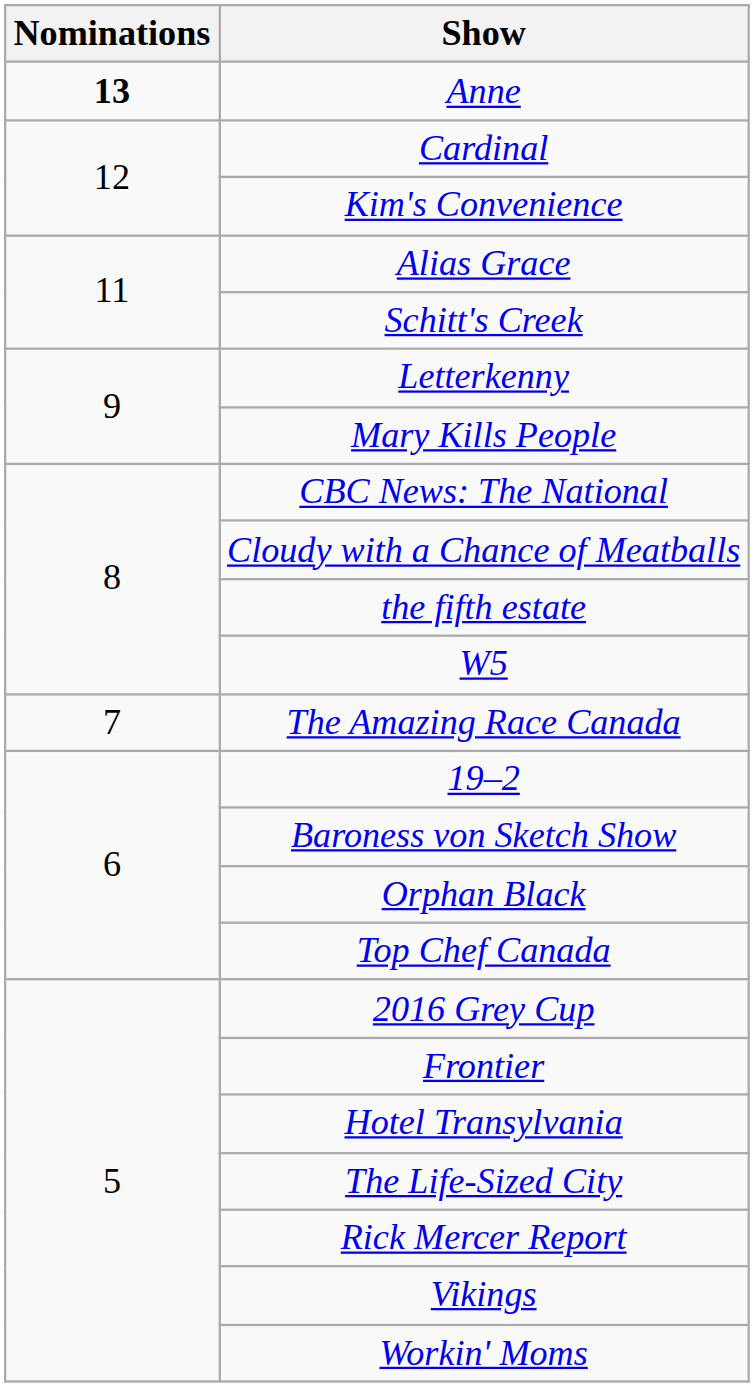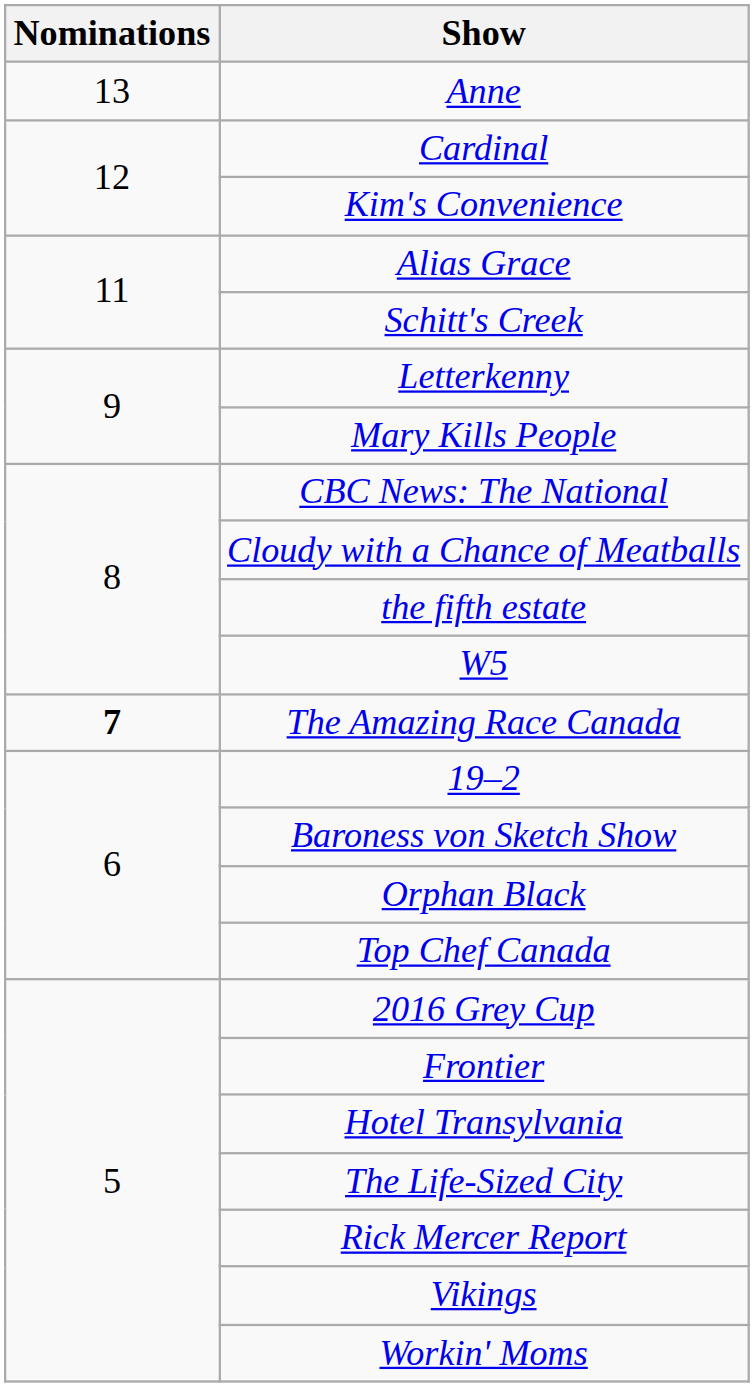 <table class="wikitable" rowspan="2" style="text-align:center">
 <tr>
 <th scope="col">Nominations</th>
 <th scope="col">Show</th>
 </tr>
 <tr>
-<td><strong>13</strong></td>
+<td>13</td>
 <td><em><a href='#'>Anne</a></em></td>
 </tr>
 <tr>
 <td rowspan=2 style="text-align:center;">12</td>
 <td><em><a href='#'>Cardinal</a></em></td>
 </tr>
 <tr>
 <td><em><a href='#'>Kim's Convenience</a></em></td>
 </tr>
 <tr>
 <td rowspan=2 style="text-align:center;">11</td>
 <td><em><a href='#'>Alias Grace</a></em></td>
 </tr>
 <tr>
 <td><em><a href='#'>Schitt's Creek</a></em></td>
 </tr>
 <tr>
 <td rowspan=2 style="text-align:center;">9</td>
 <td><em><a href='#'>Letterkenny</a></em></td>
 </tr>
 <tr>
 <td><em><a href='#'>Mary Kills People</a></em></td>
 </tr>
 <tr>
 <td rowspan=4 style="text-align:center;">8</td>
 <td><em><a href='#'>CBC News: The National</a></em></td>
 </tr>
 <tr>
 <td><em><a href='#'>Cloudy with a Chance of Meatballs</a></em></td>
 </tr>
 <tr>
 <td><em><a href='#'>the fifth estate</a></em></td>
 </tr>
 <tr>
 <td><em><a href='#'>W5</a></em></td>
 </tr>
 <tr>
-<td>7</td>
+<td><strong>7</strong></td>
 <td><em><a href='#'>The Amazing Race Canada</a></em></td>
 </tr>
 <tr>
 <td rowspan=4 style="text-align:center;">6</td>
 <td><em><a href='#'>19–2</a></em></td>
 </tr>
 <tr>
 <td><em><a href='#'>Baroness von Sketch Show</a></em></td>
 </tr>
 <tr>
 <td><em><a href='#'>Orphan Black</a></em></td>
 </tr>
 <tr>
 <td><em><a href='#'>Top Chef Canada</a></em></td>
 </tr>
 <tr>
 <td rowspan=7 style="text-align:center;">5</td>
 <td><em><a href='#'>2016 Grey Cup</a></em></td>
 </tr>
 <tr>
 <td><em><a href='#'>Frontier</a></em></td>
 </tr>
 <tr>
 <td><em><a href='#'>Hotel Transylvania</a></em></td>
 </tr>
 <tr>
 <td><em><a href='#'>The Life-Sized City</a></em></td>
 </tr>
 <tr>
 <td><em><a href='#'>Rick Mercer Report</a></em></td>
 </tr>
 <tr>
 <td><em><a href='#'>Vikings</a></em></td>
 </tr>
 <tr>
 <td><em><a href='#'>Workin' Moms</a></em></td>
 </tr>
 </table>
